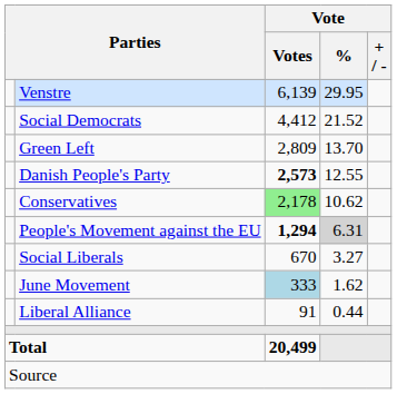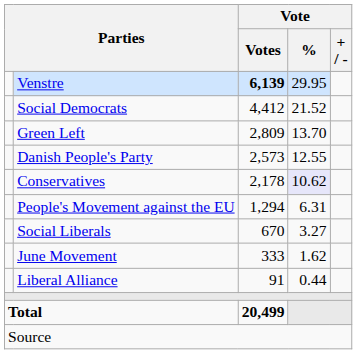 <table class="wikitable" style="text-align:right;">
 <tr>
 <th style="text-align:centre;" rowspan="2" colspan="2" width="225">Parties</th>
 <th colspan="3">Vote</th>
 </tr>
 <tr>
 <th width="15">Votes</th>
 <th width="15">%</th>
 <th width="15">+ / -</th>
 </tr>
 <tr>
 <td width="2" style="color:inherit;background:"></td>
 <td bgcolor=#cfe5fe   align="left"><a href='#'>Venstre</a></td>
-<td bgcolor=#cfe5fe>6,139</td>
+<td bgcolor=#cfe5fe><strong>6,139</strong></td>
 <td bgcolor=#cfe5fe>29.95</td>
 <td></td>
 </tr>
 <tr>
 <td width="2" style="color:inherit;background:"></td>
 <td align="left"><a href='#'>Social Democrats</a></td>
 <td>4,412</td>
 <td>21.52</td>
 <td></td>
 </tr>
 <tr>
 <td width="2" style="color:inherit;background:"></td>
 <td align="left"><a href='#'>Green Left</a></td>
 <td>2,809</td>
 <td>13.70</td>
 <td></td>
 </tr>
 <tr>
 <td width="2" style="color:inherit;background:"></td>
 <td align="left"><a href='#'>Danish People's Party</a></td>
-<td><strong>2,573</strong></td>
+<td>2,573</td>
 <td>12.55</td>
 <td></td>
 </tr>
 <tr>
 <td width="2" style="color:inherit;background:"></td>
 <td align="left"><a href='#'>Conservatives</a></td>
-<td style="background: lightgreen;">2,178</td>
-<td>10.62</td>
+<td>2,178</td>
+<td style="background: lavender;">10.62</td>
 <td></td>
 </tr>
 <tr>
 <td width="2" style="color:inherit;background:"></td>
 <td align="left"><a href='#'>People's Movement against the EU</a></td>
-<td><strong>1,294</strong></td>
-<td style="background: lightgrey;">6.31</td>
+<td>1,294</td>
+<td>6.31</td>
 <td></td>
 </tr>
 <tr>
 <td width="2" style="color:inherit;background:"></td>
 <td align="left"><a href='#'>Social Liberals</a></td>
 <td>670</td>
 <td>3.27</td>
 <td></td>
 </tr>
 <tr>
 <td width="2" style="color:inherit;background:"></td>
 <td align="left"><a href='#'>June Movement</a></td>
-<td style="background: lightblue;">333</td>
+<td>333</td>
 <td>1.62</td>
 <td></td>
 </tr>
 <tr>
 <td width="2" style="color:inherit;background:"></td>
 <td align="left"><a href='#'>Liberal Alliance</a></td>
 <td>91</td>
 <td>0.44</td>
 <td></td>
 </tr>
 <tr>
 <td colspan="7" bgcolor="#E9E9E9"></td>
 </tr>
 <tr>
 <td align="left" colspan="2"><strong>Total</strong></td>
 <td><strong>20,499</strong></td>
 <td bgcolor="#E9E9E9" colspan="2"></td>
 </tr>
 <tr>
 <td align="left" colspan="6">Source</td>
 </tr>
 </table>
